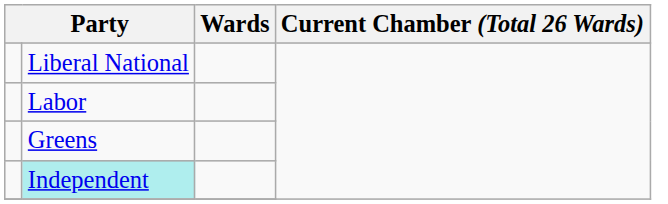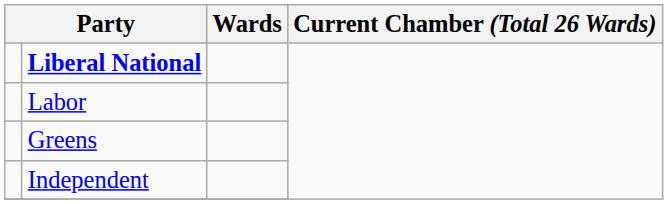 <table class="wikitable">
 <tr>
 <th colspan=2>Party</th>
 <th colspan=1>Wards</th>
 <th colspan=1>Current Chamber <em>(Total 26 Wards)</em></th>
 </tr>
 <tr>
 <td></td>
-<td><a href='#'>Liberal National</a></td>
+<td><strong><a href='#'>Liberal National</a></strong></td>
 <td></td>
 </tr>
 <tr>
 <td></td>
 <td><a href='#'>Labor</a></td>
 <td></td>
 </tr>
 <tr>
 <td> </td>
 <td><a href='#'>Greens</a></td>
 <td></td>
 </tr>
 <tr>
 <td></td>
-<td style="background: paleturquoise;"><a href='#'>Independent</a></td>
+<td><a href='#'>Independent</a></td>
 <td></td>
 </tr>
 <tr>
 </tr>
 </table>
